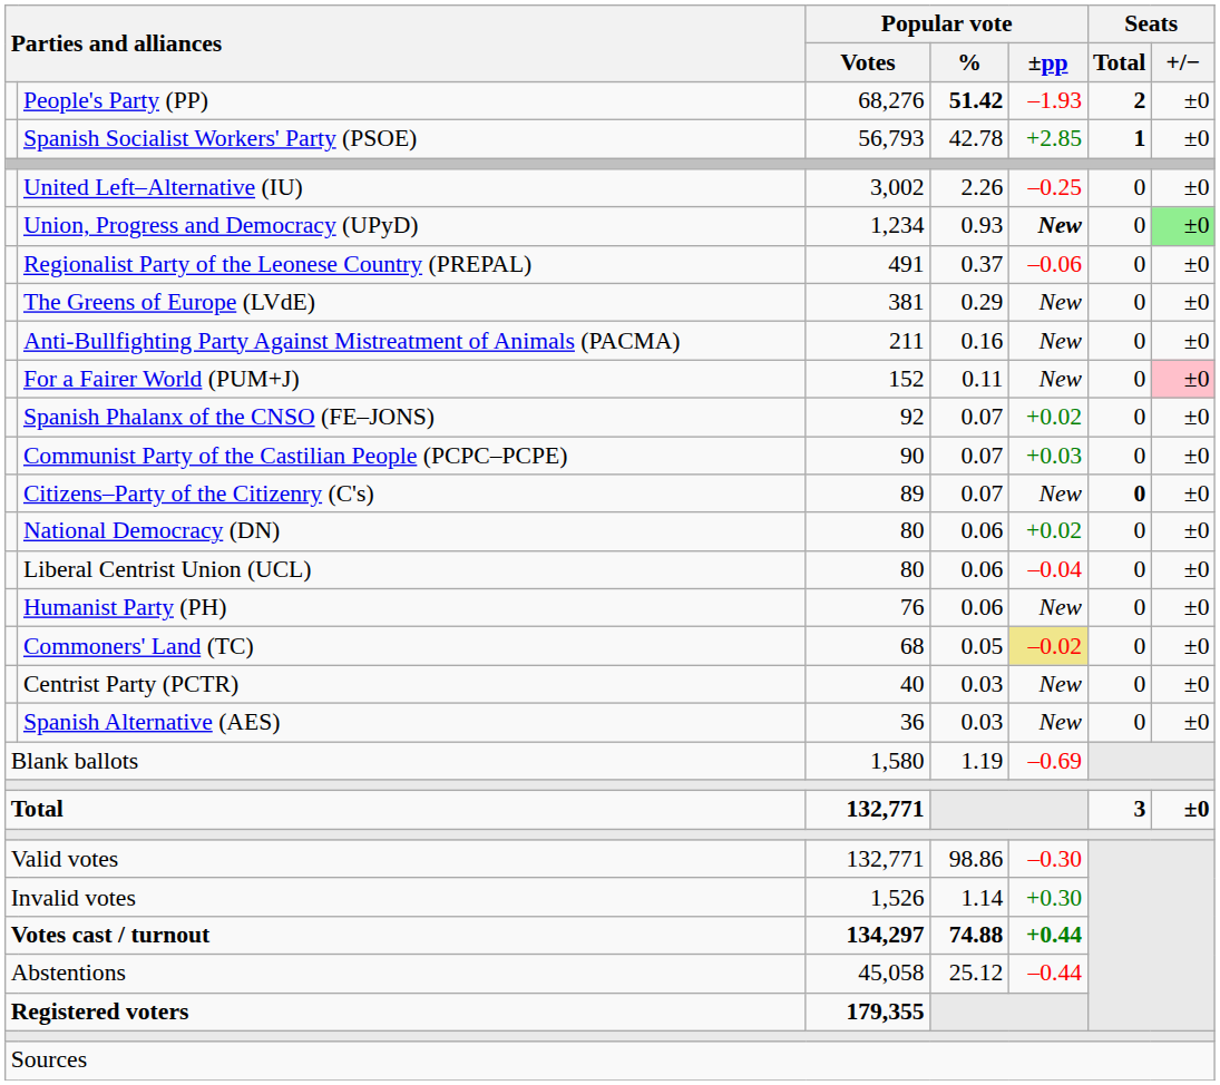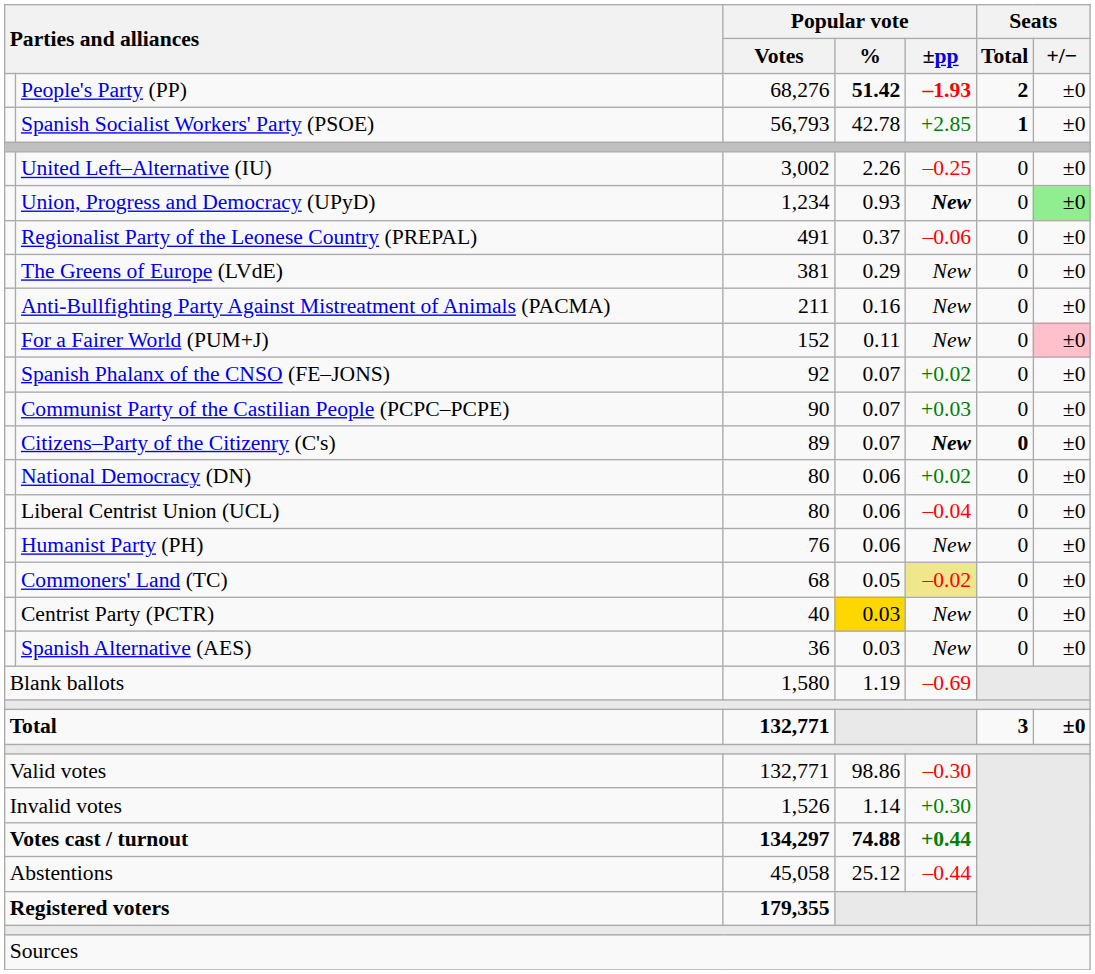 <table class="wikitable" style="text-align:right;">
 <tr>
 <th style="text-align:left;" rowspan="2" colspan="2" width="525">Parties and alliances</th>
 <th colspan="3">Popular vote</th>
 <th colspan="2">Seats</th>
 </tr>
 <tr>
 <th width="75">Votes</th>
 <th width="45">%</th>
 <th width="45">±<a href='#'>pp</a></th>
 <th width="35">Total</th>
 <th width="35">+/−</th>
 </tr>
 <tr>
 <td width="1" style="color:inherit;background:"></td>
 <td align="left"><a href='#'>People's Party</a> (PP)</td>
 <td>68,276</td>
 <td><strong>51.42</strong></td>
-<td style="color:red;">–1.93</td>
+<td style="color:red;"><strong>–1.93</strong></td>
 <td><strong>2</strong></td>
 <td>±0</td>
 </tr>
 <tr>
 <td style="color:inherit;background:"></td>
 <td align="left"><a href='#'>Spanish Socialist Workers' Party</a> (PSOE)</td>
 <td>56,793</td>
 <td>42.78</td>
 <td style="color:green;">+2.85</td>
 <td><strong>1</strong></td>
 <td>±0</td>
 </tr>
 <tr>
 <td colspan="7" bgcolor="#C0C0C0"></td>
 </tr>
 <tr>
 <td style="color:inherit;background:"></td>
 <td align="left"><a href='#'>United Left–Alternative</a> (IU)</td>
 <td>3,002</td>
 <td>2.26</td>
 <td style="color:red;">–0.25</td>
 <td>0</td>
 <td>±0</td>
 </tr>
 <tr>
 <td style="color:inherit;background:"></td>
 <td align="left"><a href='#'>Union, Progress and Democracy</a> (UPyD)</td>
 <td>1,234</td>
 <td>0.93</td>
 <td><strong><em>New</em></strong></td>
 <td>0</td>
 <td style="background: lightgreen;">±0</td>
 </tr>
 <tr>
 <td style="color:inherit;background:"></td>
 <td align="left"><a href='#'>Regionalist Party of the Leonese Country</a> (PREPAL)</td>
 <td>491</td>
 <td>0.37</td>
 <td style="color:red;">–0.06</td>
 <td>0</td>
 <td>±0</td>
 </tr>
 <tr>
 <td style="color:inherit;background:"></td>
 <td align="left"><a href='#'>The Greens of Europe</a> (LVdE)</td>
 <td>381</td>
 <td>0.29</td>
 <td><em>New</em></td>
 <td>0</td>
 <td>±0</td>
 </tr>
 <tr>
 <td style="color:inherit;background:"></td>
 <td align="left"><a href='#'>Anti-Bullfighting Party Against Mistreatment of Animals</a> (PACMA)</td>
 <td>211</td>
 <td>0.16</td>
 <td><em>New</em></td>
 <td>0</td>
 <td>±0</td>
 </tr>
 <tr>
 <td style="color:inherit;background:"></td>
 <td align="left"><a href='#'>For a Fairer World</a> (PUM+J)</td>
 <td>152</td>
 <td>0.11</td>
 <td><em>New</em></td>
 <td>0</td>
 <td style="background: pink;">±0</td>
 </tr>
 <tr>
 <td style="color:inherit;background:"></td>
 <td align="left"><a href='#'>Spanish Phalanx of the CNSO</a> (FE–JONS)</td>
 <td>92</td>
 <td>0.07</td>
 <td style="color:green;">+0.02</td>
 <td>0</td>
 <td>±0</td>
 </tr>
 <tr>
 <td style="color:inherit;background:"></td>
 <td align="left"><a href='#'>Communist Party of the Castilian People</a> (PCPC–PCPE)</td>
 <td>90</td>
 <td>0.07</td>
 <td style="color:green;">+0.03</td>
 <td>0</td>
 <td>±0</td>
 </tr>
 <tr>
 <td style="color:inherit;background:"></td>
 <td align="left"><a href='#'>Citizens–Party of the Citizenry</a> (C's)</td>
 <td>89</td>
 <td>0.07</td>
-<td><em>New</em></td>
+<td><strong><em>New</em></strong></td>
 <td><strong>0</strong></td>
 <td>±0</td>
 </tr>
 <tr>
 <td style="color:inherit;background:"></td>
 <td align="left"><a href='#'>National Democracy</a> (DN)</td>
 <td>80</td>
 <td>0.06</td>
 <td style="color:green;">+0.02</td>
 <td>0</td>
 <td>±0</td>
 </tr>
 <tr>
 <td style="color:inherit;background:"></td>
 <td align="left">Liberal Centrist Union (UCL)</td>
 <td>80</td>
 <td>0.06</td>
 <td style="color:red;">–0.04</td>
 <td>0</td>
 <td>±0</td>
 </tr>
 <tr>
 <td style="color:inherit;background:"></td>
 <td align="left"><a href='#'>Humanist Party</a> (PH)</td>
 <td>76</td>
 <td>0.06</td>
 <td><em>New</em></td>
 <td>0</td>
 <td>±0</td>
 </tr>
 <tr>
 <td style="color:inherit;background:"></td>
 <td align="left"><a href='#'>Commoners' Land</a> (TC)</td>
 <td>68</td>
 <td>0.05</td>
 <td style="background: khaki; color:red;">–0.02</td>
 <td>0</td>
 <td>±0</td>
 </tr>
 <tr>
 <td style="color:inherit;background:"></td>
 <td align="left">Centrist Party (PCTR)</td>
 <td>40</td>
-<td>0.03</td>
+<td style="background: gold;">0.03</td>
 <td><em>New</em></td>
 <td>0</td>
 <td>±0</td>
 </tr>
 <tr>
 <td style="color:inherit;background:"></td>
 <td align="left"><a href='#'>Spanish Alternative</a> (AES)</td>
 <td>36</td>
 <td>0.03</td>
 <td><em>New</em></td>
 <td>0</td>
 <td>±0</td>
 </tr>
 <tr>
 <td align="left" colspan="2">Blank ballots</td>
 <td>1,580</td>
 <td>1.19</td>
 <td style="color:red;">–0.69</td>
 <td bgcolor="#E9E9E9" colspan="2"></td>
 </tr>
 <tr>
 <td colspan="7" bgcolor="#E9E9E9"></td>
 </tr>
 <tr style="font-weight:bold;">
 <td align="left" colspan="2">Total</td>
 <td>132,771</td>
 <td bgcolor="#E9E9E9" colspan="2"></td>
 <td>3</td>
 <td>±0</td>
 </tr>
 <tr>
 <td colspan="7" bgcolor="#E9E9E9"></td>
 </tr>
 <tr>
 <td align="left" colspan="2">Valid votes</td>
 <td>132,771</td>
 <td>98.86</td>
 <td style="color:red;">–0.30</td>
 <td bgcolor="#E9E9E9" colspan="2" rowspan="5"></td>
 </tr>
 <tr>
 <td align="left" colspan="2">Invalid votes</td>
 <td>1,526</td>
 <td>1.14</td>
 <td style="color:green;">+0.30</td>
 </tr>
 <tr style="font-weight:bold;">
 <td align="left" colspan="2">Votes cast / turnout</td>
 <td>134,297</td>
 <td>74.88</td>
 <td style="color:green;">+0.44</td>
 </tr>
 <tr>
 <td align="left" colspan="2">Abstentions</td>
 <td>45,058</td>
 <td>25.12</td>
 <td style="color:red;">–0.44</td>
 </tr>
 <tr style="font-weight:bold;">
 <td align="left" colspan="2">Registered voters</td>
 <td>179,355</td>
 <td bgcolor="#E9E9E9" colspan="2"></td>
 </tr>
 <tr>
 <td colspan="7" bgcolor="#E9E9E9"></td>
 </tr>
 <tr>
 <td align="left" colspan="7">Sources</td>
 </tr>
 </table>
